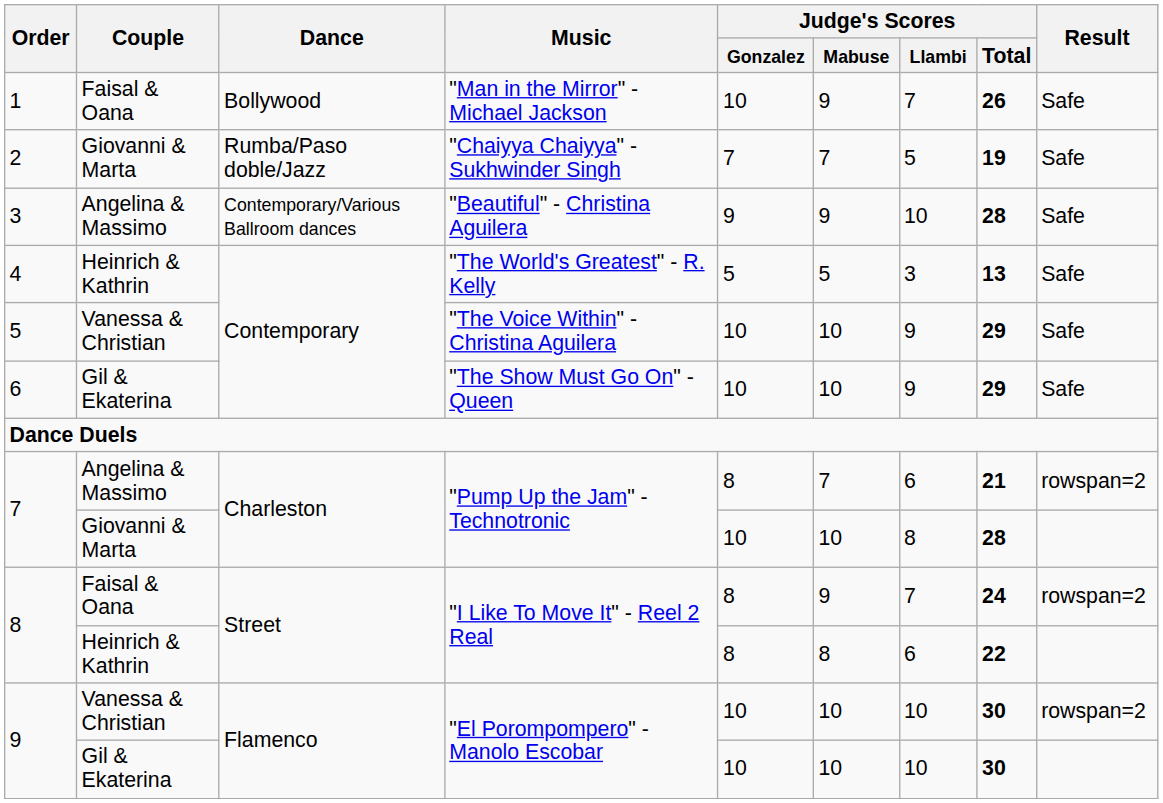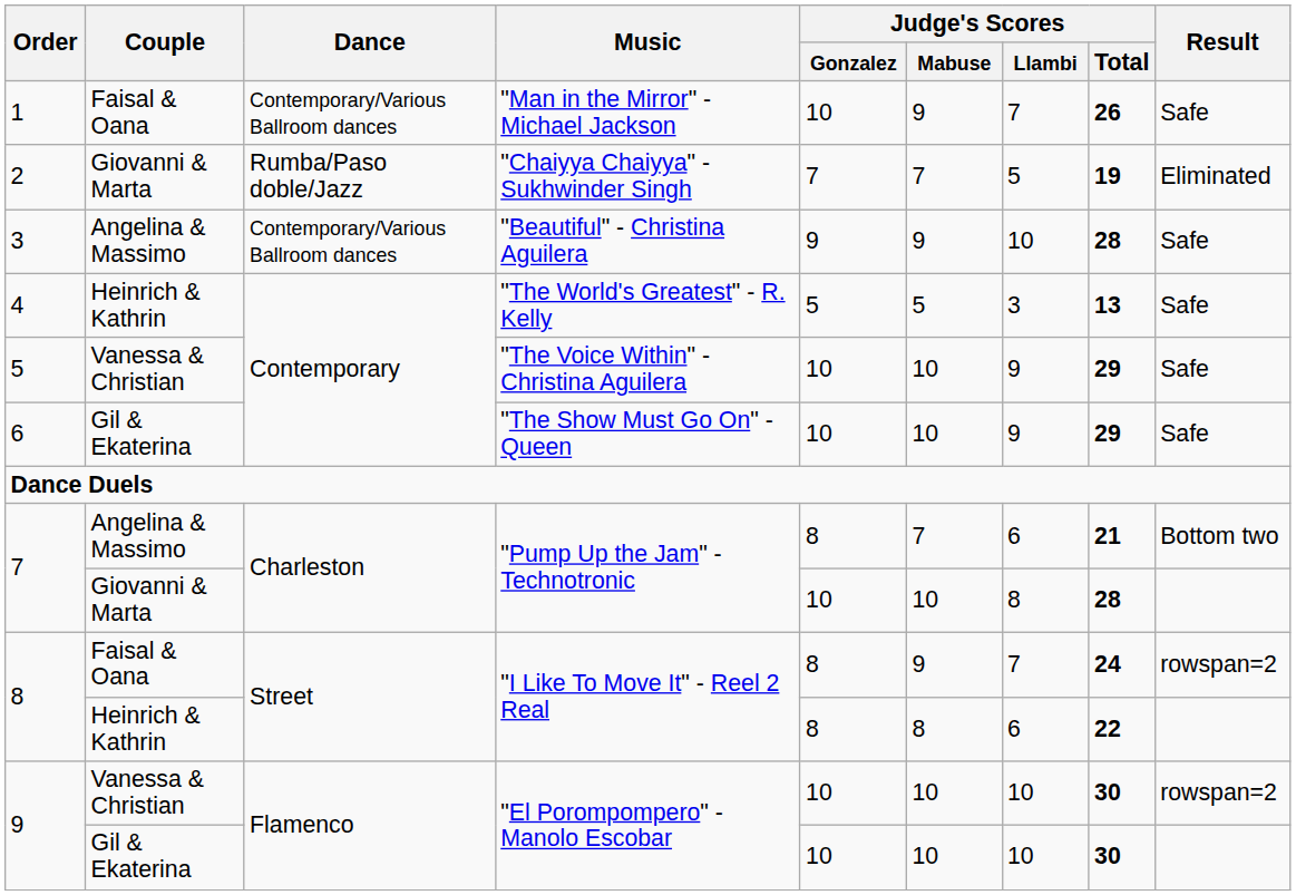 <table class="wikitable unsortable center">
 <tr>
 <th rowspan="2" style="width: 4em">Order</th>
 <th rowspan="2" style="width: 17em">Couple</th>
 <th rowspan="2" style="width: 20em">Dance</th>
 <th rowspan="2" style="width: 40em">Music</th>
 <th colspan="4">Judge's Scores</th>
 <th rowspan="2" style="width: 7em">Result</th>
 </tr>
 <tr>
 <th style="width: 6em"><small> Gonzalez</small></th>
 <th style="width: 6em"><small> Mabuse</small></th>
 <th style="width: 6em"><small> Llambi</small></th>
 <th>Total</th>
 </tr>
 <tr>
 <td>1</td>
 <td>Faisal & Oana</td>
-<td>Bollywood</td>
+<td><small>Contemporary/Various Ballroom dances</small></td>
 <td>"<a href='#'>Man in the Mirror</a>" - <a href='#'>Michael Jackson</a></td>
 <td>10</td>
 <td>9</td>
 <td>7</td>
 <td><strong>26</strong></td>
 <td>Safe</td>
 </tr>
 <tr>
 <td>2</td>
 <td>Giovanni & Marta</td>
 <td>Rumba/Paso doble/Jazz</td>
 <td>"<a href='#'>Chaiyya Chaiyya</a>" - <a href='#'>Sukhwinder Singh</a></td>
 <td>7</td>
 <td>7</td>
 <td>5</td>
 <td><strong>19</strong></td>
-<td>Safe</td>
+<td>Eliminated</td>
 </tr>
 <tr>
 <td>3</td>
 <td>Angelina & Massimo</td>
 <td><small>Contemporary/Various Ballroom dances</small></td>
 <td>"<a href='#'>Beautiful</a>" - <a href='#'>Christina Aguilera</a></td>
 <td>9</td>
 <td>9</td>
 <td>10</td>
 <td><strong>28</strong></td>
 <td>Safe</td>
 </tr>
 <tr>
 <td>4</td>
 <td>Heinrich & Kathrin</td>
 <td rowspan="3">Contemporary</td>
 <td>"<a href='#'>The World's Greatest</a>" - <a href='#'>R. Kelly</a></td>
 <td>5</td>
 <td>5</td>
 <td>3</td>
 <td><strong>13</strong></td>
 <td>Safe</td>
 </tr>
 <tr>
 <td>5</td>
 <td>Vanessa & Christian</td>
 <td>"<a href='#'>The Voice Within</a>" - <a href='#'>Christina Aguilera</a></td>
 <td>10</td>
 <td>10</td>
 <td>9</td>
 <td><strong>29</strong></td>
 <td>Safe</td>
 </tr>
 <tr>
 <td>6</td>
 <td>Gil & Ekaterina</td>
 <td>"<a href='#'>The Show Must Go On</a>" - <a href='#'>Queen</a></td>
 <td>10</td>
 <td>10</td>
 <td>9</td>
 <td><strong>29</strong></td>
 <td>Safe</td>
 </tr>
 <tr>
 <td colspan=9><strong>Dance Duels</strong></td>
 </tr>
 <tr>
 <td rowspan=2>7</td>
 <td>Angelina & Massimo</td>
 <td rowspan=2>Charleston</td>
 <td rowspan=2>"<a href='#'>Pump Up the Jam</a>" - <a href='#'>Technotronic</a></td>
 <td>8</td>
 <td>7</td>
 <td>6</td>
 <td><strong>21</strong></td>
-<td>rowspan=2 </td>
+<td>Bottom two</td>
 </tr>
 <tr>
 <td>Giovanni & Marta</td>
 <td>10</td>
 <td>10</td>
 <td>8</td>
 <td><strong>28</strong></td>
 </tr>
 <tr>
 <td rowspan=2>8</td>
 <td>Faisal & Oana</td>
 <td rowspan=2>Street</td>
 <td rowspan=2>"<a href='#'>I Like To Move It</a>" - <a href='#'>Reel 2 Real</a></td>
 <td>8</td>
 <td>9</td>
 <td>7</td>
 <td><strong>24</strong></td>
 <td>rowspan=2 </td>
 </tr>
 <tr>
 <td>Heinrich & Kathrin</td>
 <td>8</td>
 <td>8</td>
 <td>6</td>
 <td><strong>22</strong></td>
 </tr>
 <tr>
 <td rowspan=2>9</td>
 <td>Vanessa & Christian</td>
 <td rowspan=2>Flamenco</td>
 <td rowspan=2>"<a href='#'>El Porompompero</a>" - <a href='#'>Manolo Escobar</a></td>
 <td>10</td>
 <td>10</td>
 <td>10</td>
 <td><strong>30</strong></td>
 <td>rowspan=2 </td>
 </tr>
 <tr>
 <td>Gil & Ekaterina</td>
 <td>10</td>
 <td>10</td>
 <td>10</td>
 <td><strong>30</strong></td>
 </tr>
 <tr>
 </tr>
 </table>
